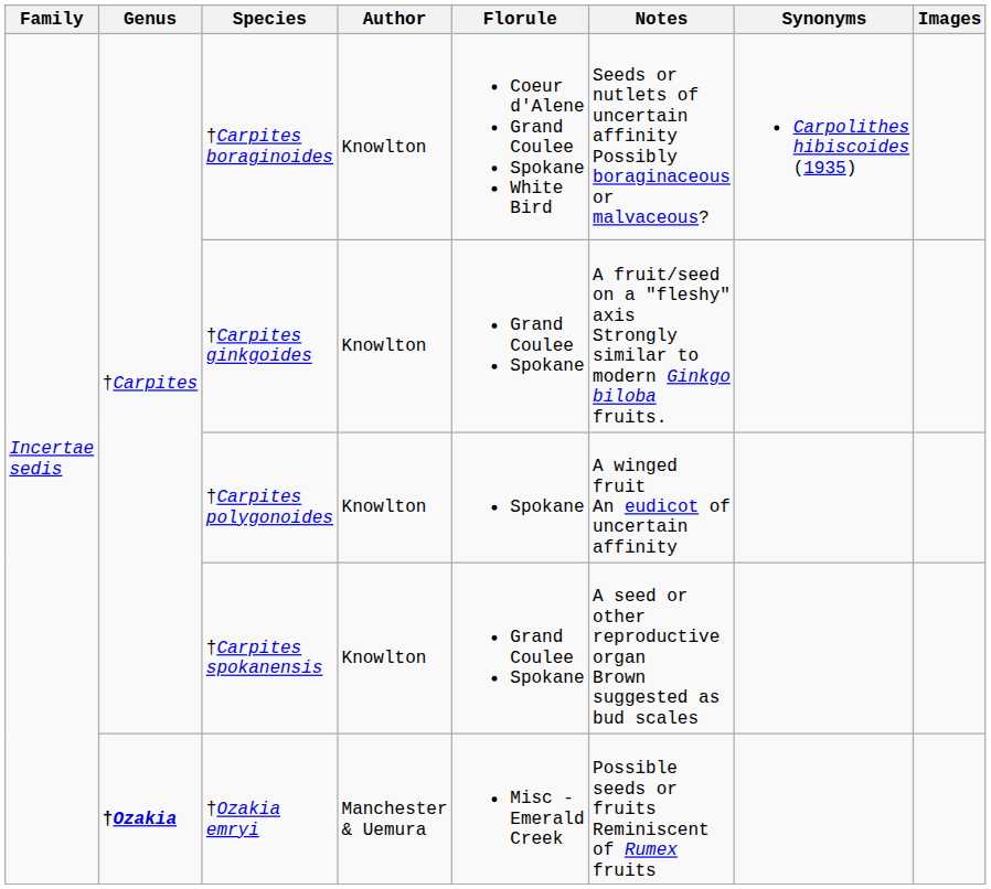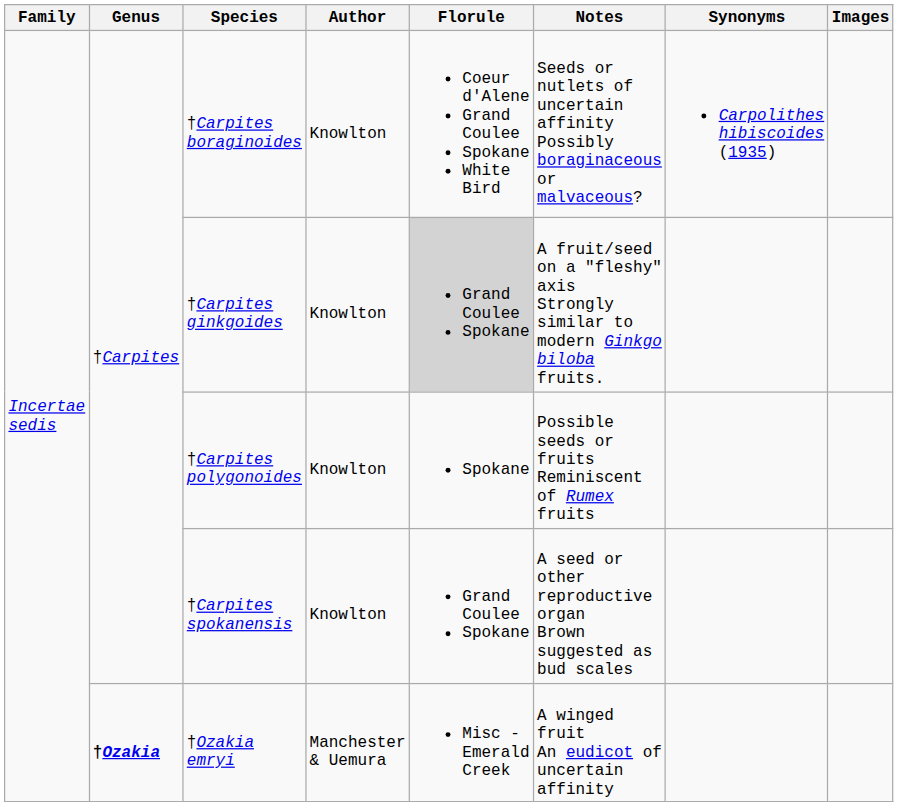 <table class="wikitable sortable mw-collapsible" style="margin:auto; width:100%">
 <tr>
 <th>Family</th>
 <th>Genus</th>
 <th>Species</th>
 <th>Author</th>
 <th>Florule</th>
 <th>Notes</th>
 <th>Synonyms</th>
 <th>Images</th>
 </tr>
 <tr>
 <td rowspan=5><em><a href='#'>Incertae sedis</a></em></td>
 <td rowspan=4>†<em><a href='#'>Carpites</a></em></td>
 <td><br>†<em><a href='#'>Carpites boraginoides</a></em></td>
 <td><br>Knowlton</td>
 <td><br><ul><li>Coeur d'Alene</li><li>Grand Coulee</li><li>Spokane</li><li>White Bird</li></ul></td>
 <td><br>Seeds or nutlets of uncertain affinity<br>Possibly <a href='#'>boraginaceous</a> or <a href='#'>malvaceous</a>?</td>
 <td><br><ul><li><em><a href='#'>Carpolithes hibiscoides</a></em> (<a href='#'>1935</a>)</li></ul></td>
 <td><br></td>
 </tr>
 <tr>
 <td><br>†<em><a href='#'>Carpites ginkgoides</a></em></td>
 <td><br>Knowlton</td>
-<td><br><ul><li>Grand Coulee</li><li>Spokane</li></ul></td>
+<td style="background: lightgrey;"><br><ul><li>Grand Coulee</li><li>Spokane</li></ul></td>
 <td><br>A fruit/seed on a "fleshy" axis<br>Strongly similar to modern <em><a href='#'>Ginkgo biloba</a></em> fruits.</td>
 <td></td>
 <td><br></td>
 </tr>
 <tr>
 <td><br>†<em><a href='#'>Carpites polygonoides</a></em></td>
 <td><br>Knowlton</td>
 <td><br><ul><li>Spokane</li></ul></td>
-<td><br>A winged fruit<br>An <a href='#'>eudicot</a> of uncertain affinity</td>
+<td><br>Possible seeds or fruits<br>Reminiscent of <em><a href='#'>Rumex</a></em> fruits</td>
 <td></td>
 <td><br></td>
 </tr>
 <tr>
 <td><br>†<em><a href='#'>Carpites spokanensis</a></em></td>
 <td><br>Knowlton</td>
 <td><br><ul><li>Grand Coulee</li><li>Spokane</li></ul></td>
 <td><br>A seed or other reproductive organ<br>Brown suggested as bud scales</td>
 <td></td>
 <td><br></td>
 </tr>
 <tr>
 <td><strong><br>†<em><a href='#'>Ozakia</a></em></strong></td>
 <td><br>†<em><a href='#'>Ozakia emryi</a></em></td>
 <td><br>Manchester & Uemura</td>
 <td><br><ul><li>Misc - Emerald Creek</li></ul></td>
-<td><br>Possible seeds or fruits<br>Reminiscent of <em><a href='#'>Rumex</a></em> fruits</td>
+<td><br>A winged fruit<br>An <a href='#'>eudicot</a> of uncertain affinity</td>
 <td></td>
 <td></td>
 </tr>
 <tr>
 </tr>
 </table>
